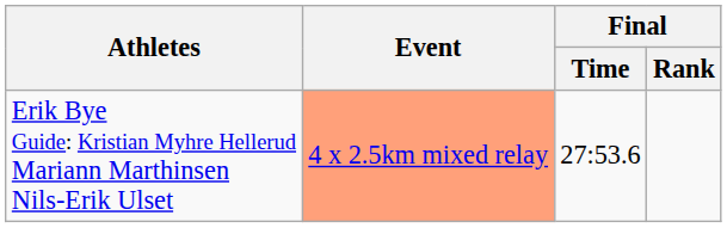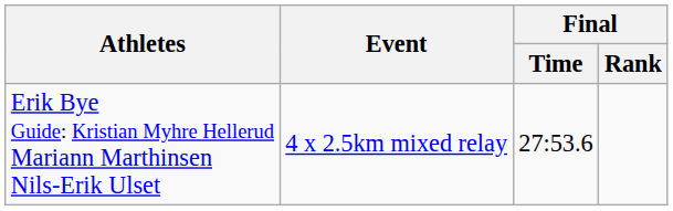 <table class="wikitable" style="font-size:100%">
 <tr>
 <th rowspan="2">Athletes</th>
 <th rowspan="2">Event</th>
 <th colspan="2">Final</th>
 </tr>
 <tr>
 <th>Time</th>
 <th>Rank</th>
 </tr>
 <tr>
 <td><a href='#'>Erik Bye</a><br><small><a href='#'>Guide</a>: <a href='#'>Kristian Myhre Hellerud</a></small><br><a href='#'>Mariann Marthinsen</a><br><a href='#'>Nils-Erik Ulset</a></td>
-<td style="background: lightsalmon;"><a href='#'>4 x 2.5km mixed relay</a></td>
+<td><a href='#'>4 x 2.5km mixed relay</a></td>
 <td align="center">27:53.6</td>
 <td align="center"></td>
 </tr>
 </table>
